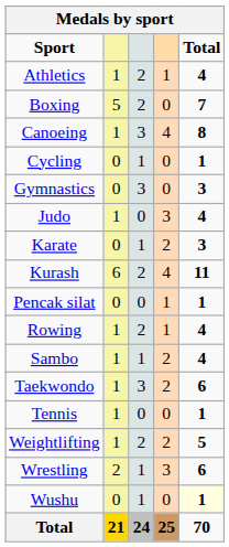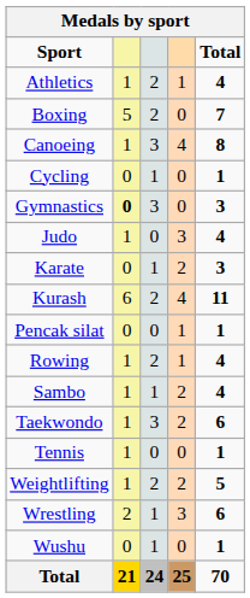 <table class=wikitable style="font-size:85%; float:right;text-align:center">
 <tr bgcolor=EFEFEF>
 <th colspan=7>Medals by sport</th>
 </tr>
 <tr>
 <td><strong>Sport</strong></td>
 <td bgcolor=F7F6A8></td>
 <td bgcolor=DCE5E5></td>
 <td bgcolor=FFDBA9></td>
 <td><strong>Total</strong></td>
 </tr>
 <tr>
 <td><a href='#'>Athletics</a></td>
 <td bgcolor=F7F6A8>1</td>
 <td bgcolor=DCE5E5>2</td>
 <td bgcolor=FFDAB9>1</td>
 <td><strong>4</strong></td>
 </tr>
 <tr>
 <td><a href='#'>Boxing</a></td>
 <td bgcolor=F7F6A8>5</td>
 <td bgcolor=DCE5E5>2</td>
 <td bgcolor=FFDAB9>0</td>
 <td><strong>7</strong></td>
 </tr>
 <tr>
 <td><a href='#'>Canoeing</a></td>
 <td bgcolor=F7F6A8>1</td>
 <td bgcolor=DCE5E5>3</td>
 <td bgcolor=FFDAB9>4</td>
 <td><strong>8</strong></td>
 </tr>
 <tr>
 <td><a href='#'>Cycling</a></td>
 <td bgcolor=F7F6A8>0</td>
 <td bgcolor=DCE5E5>1</td>
 <td bgcolor=FFDAB9>0</td>
 <td><strong>1</strong></td>
 </tr>
 <tr>
 <td><a href='#'>Gymnastics</a></td>
-<td bgcolor=F7F6A8>0</td>
+<td bgcolor=F7F6A8><strong>0</strong></td>
 <td bgcolor=DCE5E5>3</td>
 <td bgcolor=FFDAB9>0</td>
 <td><strong>3</strong></td>
 </tr>
 <tr>
 <td><a href='#'>Judo</a></td>
 <td bgcolor=F7F6A8>1</td>
 <td bgcolor=DCE5E5>0</td>
 <td bgcolor=FFDAB9>3</td>
 <td><strong>4</strong></td>
 </tr>
 <tr>
 <td><a href='#'>Karate</a></td>
 <td bgcolor=F7F6A8>0</td>
 <td bgcolor=DCE5E5>1</td>
 <td bgcolor=FFDAB9>2</td>
 <td><strong>3</strong></td>
 </tr>
 <tr>
 <td><a href='#'>Kurash</a></td>
 <td bgcolor=F7F6A8>6</td>
 <td bgcolor=DCE5E5>2</td>
 <td bgcolor=FFDAB9>4</td>
 <td><strong>11</strong></td>
 </tr>
 <tr>
 <td><a href='#'>Pencak silat</a></td>
 <td bgcolor=F7F6A8>0</td>
 <td bgcolor=DCE5E5>0</td>
 <td bgcolor=FFDAB9>1</td>
 <td><strong>1</strong></td>
 </tr>
 <tr>
 <td><a href='#'>Rowing</a></td>
 <td bgcolor=F7F6A8>1</td>
 <td bgcolor=DCE5E5>2</td>
 <td bgcolor=FFDAB9>1</td>
 <td><strong>4</strong></td>
 </tr>
 <tr>
 <td><a href='#'>Sambo</a></td>
 <td bgcolor=F7F6A8>1</td>
 <td bgcolor=DCE5E5>1</td>
 <td bgcolor=FFDAB9>2</td>
 <td><strong>4</strong></td>
 </tr>
 <tr>
 <td><a href='#'>Taekwondo</a></td>
 <td bgcolor=F7F6A8>1</td>
 <td bgcolor=DCE5E5>3</td>
 <td bgcolor=FFDAB9>2</td>
 <td><strong>6</strong></td>
 </tr>
 <tr>
 <td><a href='#'>Tennis</a></td>
 <td bgcolor=F7F6A8>1</td>
 <td bgcolor=DCE5E5>0</td>
 <td bgcolor=FFDAB9>0</td>
 <td><strong>1</strong></td>
 </tr>
 <tr>
 <td><a href='#'>Weightlifting</a></td>
 <td bgcolor=F7F6A8>1</td>
 <td bgcolor=DCE5E5>2</td>
 <td bgcolor=FFDAB9>2</td>
 <td><strong>5</strong></td>
 </tr>
 <tr>
 <td><a href='#'>Wrestling</a></td>
 <td bgcolor=F7F6A8>2</td>
 <td bgcolor=DCE5E5>1</td>
 <td bgcolor=FFDAB9>3</td>
 <td><strong>6</strong></td>
 </tr>
 <tr>
 <td><a href='#'>Wushu</a></td>
 <td bgcolor=F7F6A8>0</td>
 <td bgcolor=DCE5E5>1</td>
 <td bgcolor=FFDAB9>0</td>
-<td style="background: lightyellow;"><strong>1</strong></td>
+<td><strong>1</strong></td>
 </tr>
 <tr>
 <th>Total</th>
 <td style="background:gold;"><strong>21</strong></td>
 <td style="background:silver;"><strong>24</strong></td>
 <td style="background:#c96;"><strong>25</strong></td>
 <td><strong>70</strong></td>
 </tr>
 </table>
